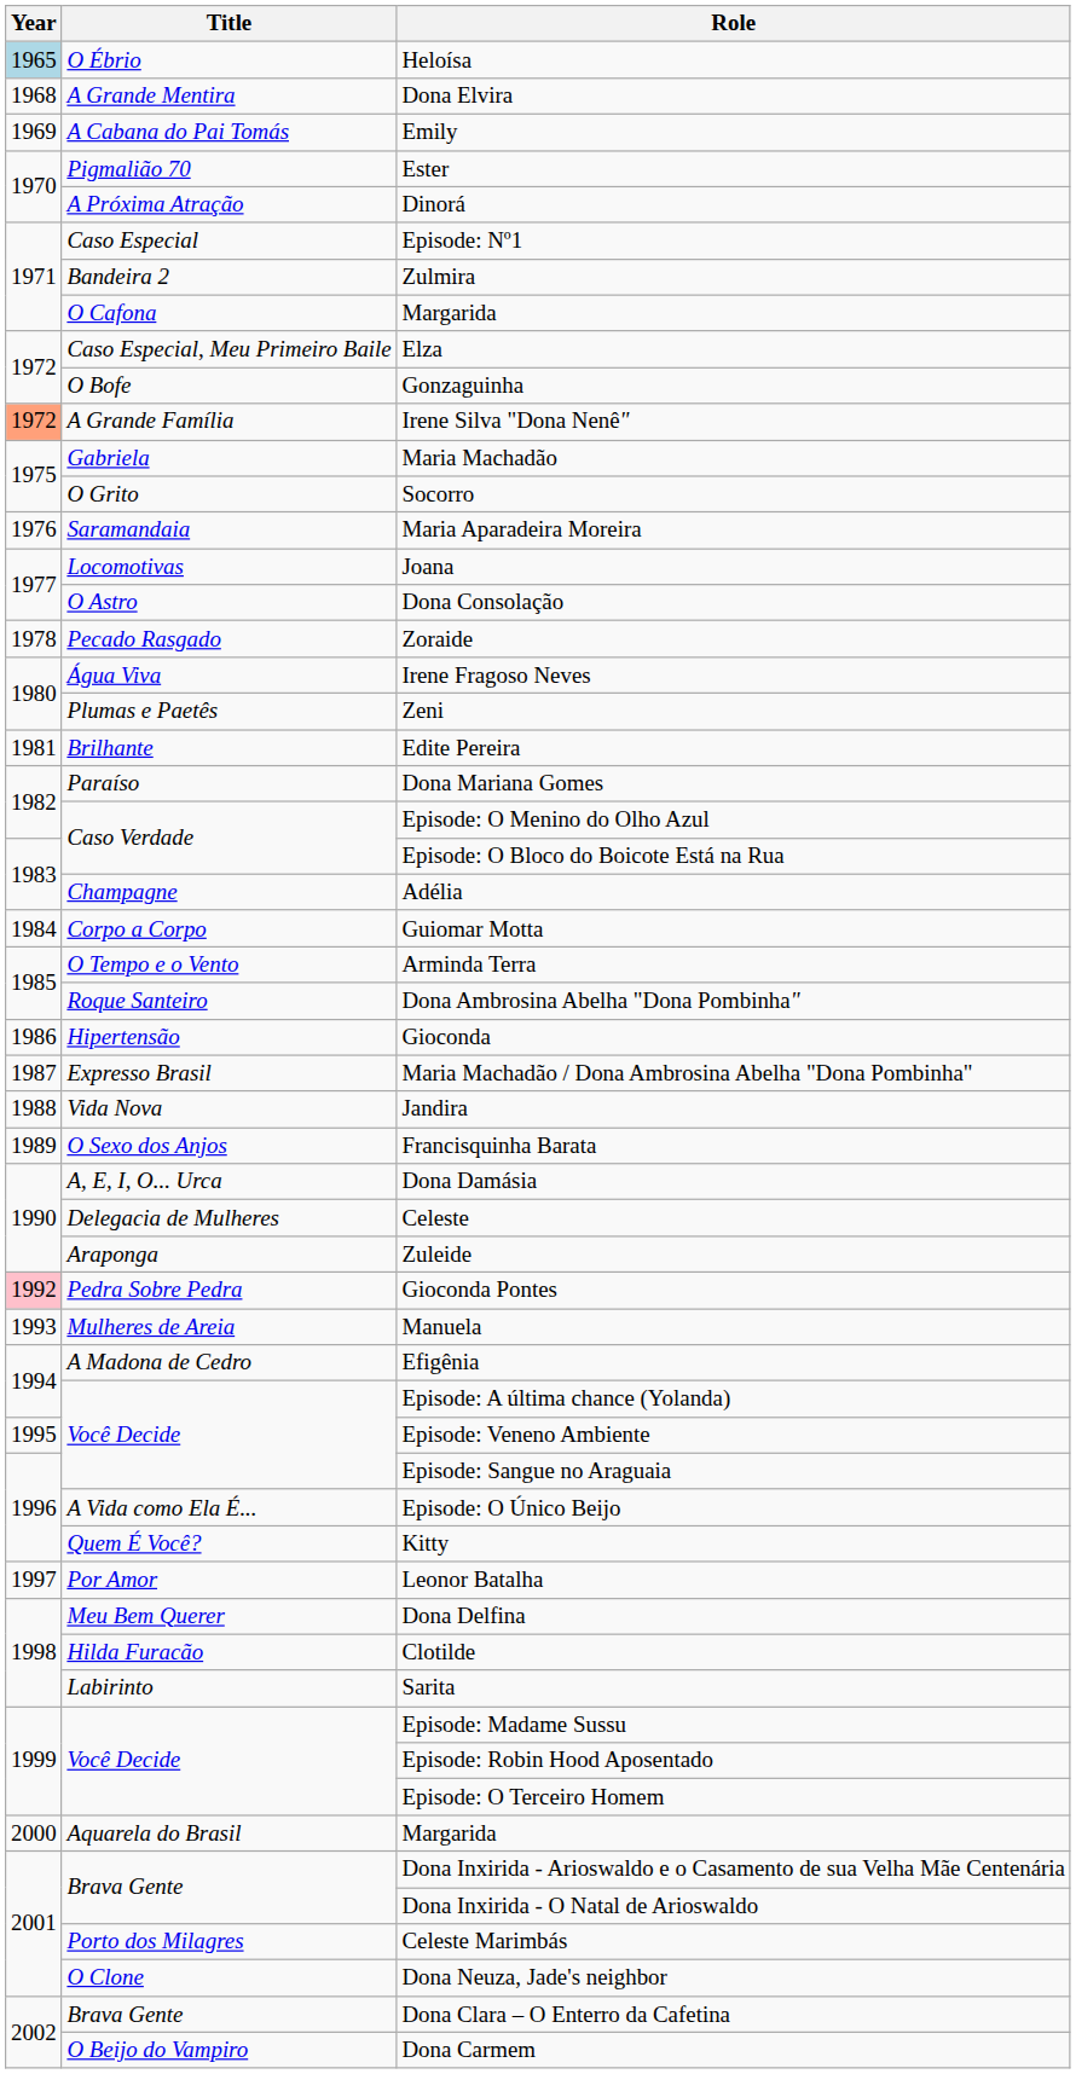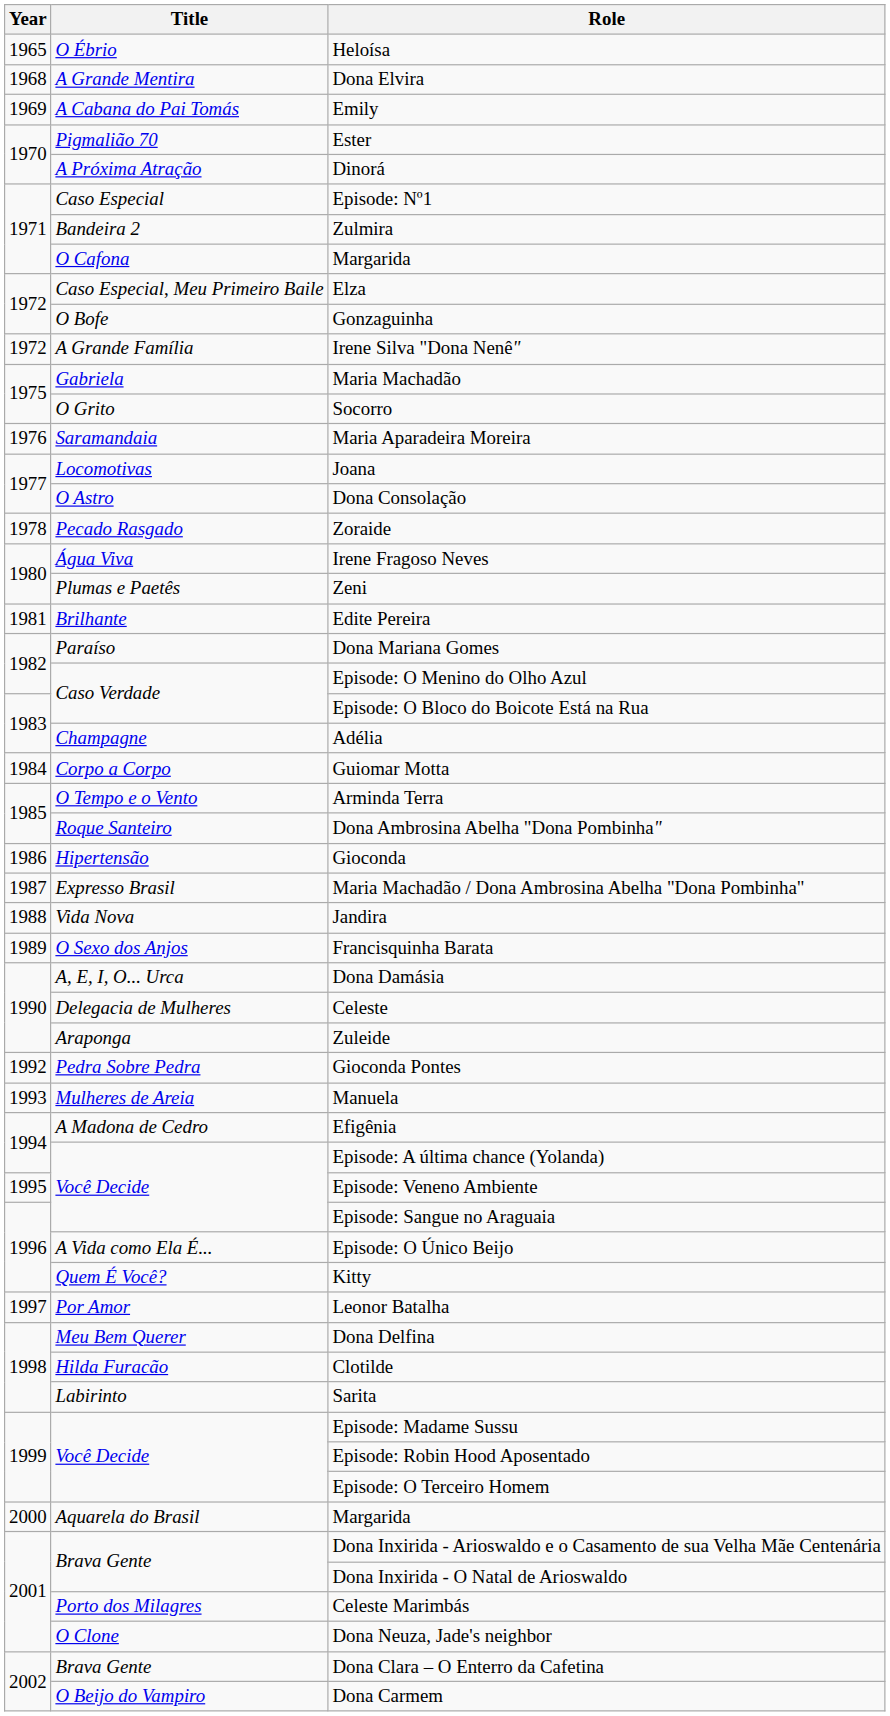 <table class="wikitable">
 <tr>
 <th>Year</th>
 <th>Title</th>
 <th>Role</th>
 </tr>
 <tr>
-<td style="background: lightblue;">1965</td>
+<td>1965</td>
 <td><em><a href='#'>O Ébrio</a></em></td>
 <td>Heloísa</td>
 </tr>
 <tr>
 <td>1968</td>
 <td><em><a href='#'>A Grande Mentira</a></em></td>
 <td>Dona Elvira</td>
 </tr>
 <tr>
 <td>1969</td>
 <td><em><a href='#'>A Cabana do Pai Tomás</a></em></td>
 <td>Emily</td>
 </tr>
 <tr>
 <td rowspan="2">1970</td>
 <td><em><a href='#'>Pigmalião 70</a></em></td>
 <td>Ester</td>
 </tr>
 <tr>
 <td><em><a href='#'>A Próxima Atração</a></em></td>
 <td>Dinorá</td>
 </tr>
 <tr>
 <td rowspan="3">1971</td>
 <td><em>Caso Especial</em></td>
 <td>Episode: Nº1</td>
 </tr>
 <tr>
 <td><em>Bandeira 2</em></td>
 <td>Zulmira</td>
 </tr>
 <tr>
 <td><em><a href='#'>O Cafona</a></em></td>
 <td>Margarida</td>
 </tr>
 <tr>
 <td rowspan="2">1972</td>
 <td><em>Caso Especial</em>, <em>Meu Primeiro Baile</em></td>
 <td>Elza</td>
 </tr>
 <tr>
 <td><em>O Bofe</em></td>
 <td>Gonzaguinha</td>
 </tr>
 <tr>
-<td style="background: lightsalmon;">1972</td>
+<td>1972</td>
 <td><em>A Grande Família</em></td>
 <td>Irene Silva "Dona Nenê<em>"</em></td>
 </tr>
 <tr>
 <td rowspan="2">1975</td>
 <td><em><a href='#'>Gabriela</a></em></td>
 <td>Maria Machadão</td>
 </tr>
 <tr>
 <td><em>O Grito</em></td>
 <td>Socorro</td>
 </tr>
 <tr>
 <td>1976</td>
 <td><em><a href='#'>Saramandaia</a></em></td>
 <td>Maria Aparadeira Moreira</td>
 </tr>
 <tr>
 <td rowspan="2">1977</td>
 <td><em><a href='#'>Locomotivas</a></em></td>
 <td>Joana</td>
 </tr>
 <tr>
 <td><em><a href='#'>O Astro</a></em></td>
 <td>Dona Consolação</td>
 </tr>
 <tr>
 <td>1978</td>
 <td><em><a href='#'>Pecado Rasgado</a></em></td>
 <td>Zoraide</td>
 </tr>
 <tr>
 <td rowspan="2">1980</td>
 <td><em><a href='#'>Água Viva</a></em></td>
 <td>Irene Fragoso Neves</td>
 </tr>
 <tr>
 <td><em>Plumas e Paetês</em></td>
 <td>Zeni</td>
 </tr>
 <tr>
 <td>1981</td>
 <td><em><a href='#'>Brilhante</a></em></td>
 <td>Edite Pereira</td>
 </tr>
 <tr>
 <td rowspan="2">1982</td>
 <td><em>Paraíso</em></td>
 <td>Dona Mariana Gomes</td>
 </tr>
 <tr>
 <td rowspan="2"><em>Caso Verdade</em></td>
 <td>Episode: O Menino do Olho Azul</td>
 </tr>
 <tr>
 <td rowspan="2">1983</td>
 <td>Episode: O Bloco do Boicote Está na Rua</td>
 </tr>
 <tr>
 <td><em><a href='#'>Champagne</a></em></td>
 <td>Adélia</td>
 </tr>
 <tr>
 <td>1984</td>
 <td><em><a href='#'>Corpo a Corpo</a></em></td>
 <td>Guiomar Motta</td>
 </tr>
 <tr>
 <td rowspan="2">1985</td>
 <td><em><a href='#'>O Tempo e o Vento</a></em></td>
 <td>Arminda Terra</td>
 </tr>
 <tr>
 <td><em><a href='#'>Roque Santeiro</a></em></td>
 <td>Dona Ambrosina Abelha "Dona Pombinha<em>"</em></td>
 </tr>
 <tr>
 <td>1986</td>
 <td><em><a href='#'>Hipertensão</a></em></td>
 <td>Gioconda</td>
 </tr>
 <tr>
 <td>1987</td>
 <td><em>Expresso Brasil</em></td>
 <td>Maria Machadão / Dona Ambrosina Abelha "Dona Pombinha"</td>
 </tr>
 <tr>
 <td>1988</td>
 <td><em>Vida Nova</em></td>
 <td>Jandira</td>
 </tr>
 <tr>
 <td>1989</td>
 <td><em><a href='#'>O Sexo dos Anjos</a></em></td>
 <td>Francisquinha Barata</td>
 </tr>
 <tr>
 <td rowspan="3">1990</td>
 <td><em>A, E, I, O... Urca</em></td>
 <td>Dona Damásia</td>
 </tr>
 <tr>
 <td><em>Delegacia de Mulheres</em></td>
 <td>Celeste</td>
 </tr>
 <tr>
 <td><em>Araponga</em></td>
 <td>Zuleide</td>
 </tr>
 <tr>
-<td style="background: pink;">1992</td>
+<td>1992</td>
 <td><em><a href='#'>Pedra Sobre Pedra</a></em></td>
 <td>Gioconda Pontes</td>
 </tr>
 <tr>
 <td>1993</td>
 <td><em><a href='#'>Mulheres de Areia</a></em></td>
 <td>Manuela</td>
 </tr>
 <tr>
 <td rowspan="2">1994</td>
 <td><em>A Madona de Cedro</em></td>
 <td>Efigênia</td>
 </tr>
 <tr>
 <td rowspan="3"><em><a href='#'>Você Decide</a></em></td>
 <td>Episode: A última chance (Yolanda)</td>
 </tr>
 <tr>
 <td>1995</td>
 <td>Episode: Veneno Ambiente</td>
 </tr>
 <tr>
 <td rowspan="3">1996</td>
 <td>Episode: Sangue no Araguaia</td>
 </tr>
 <tr>
 <td><em>A Vida como Ela É...</em></td>
 <td>Episode: O Único Beijo</td>
 </tr>
 <tr>
 <td><em><a href='#'>Quem É Você?</a></em></td>
 <td>Kitty</td>
 </tr>
 <tr>
 <td>1997</td>
 <td><em><a href='#'>Por Amor</a></em></td>
 <td>Leonor Batalha</td>
 </tr>
 <tr>
 <td rowspan="3">1998</td>
 <td><em><a href='#'>Meu Bem Querer</a></em></td>
 <td>Dona Delfina</td>
 </tr>
 <tr>
 <td><em><a href='#'>Hilda Furacão</a></em></td>
 <td>Clotilde</td>
 </tr>
 <tr>
 <td><em>Labirinto</em></td>
 <td>Sarita</td>
 </tr>
 <tr>
 <td rowspan="3">1999</td>
 <td rowspan="3"><em><a href='#'>Você Decide</a></em></td>
 <td>Episode: Madame Sussu</td>
 </tr>
 <tr>
 <td>Episode: Robin Hood Aposentado</td>
 </tr>
 <tr>
 <td>Episode: O Terceiro Homem</td>
 </tr>
 <tr>
 <td>2000</td>
 <td><em>Aquarela do Brasil</em></td>
 <td>Margarida</td>
 </tr>
 <tr>
 <td rowspan="4">2001</td>
 <td rowspan="2"><em>Brava Gente</em></td>
 <td>Dona Inxirida - Arioswaldo e o Casamento de sua Velha Mãe Centenária</td>
 </tr>
 <tr>
 <td>Dona Inxirida - O Natal de Arioswaldo</td>
 </tr>
 <tr>
 <td><em><a href='#'>Porto dos Milagres</a></em></td>
 <td>Celeste Marimbás</td>
 </tr>
 <tr>
 <td><em><a href='#'>O Clone</a></em></td>
 <td>Dona Neuza, Jade's neighbor</td>
 </tr>
 <tr>
 <td rowspan="2">2002</td>
 <td><em>Brava Gente</em></td>
 <td>Dona Clara – O Enterro da Cafetina</td>
 </tr>
 <tr>
 <td><em><a href='#'>O Beijo do Vampiro</a></em></td>
 <td>Dona Carmem</td>
 </tr>
 </table>
